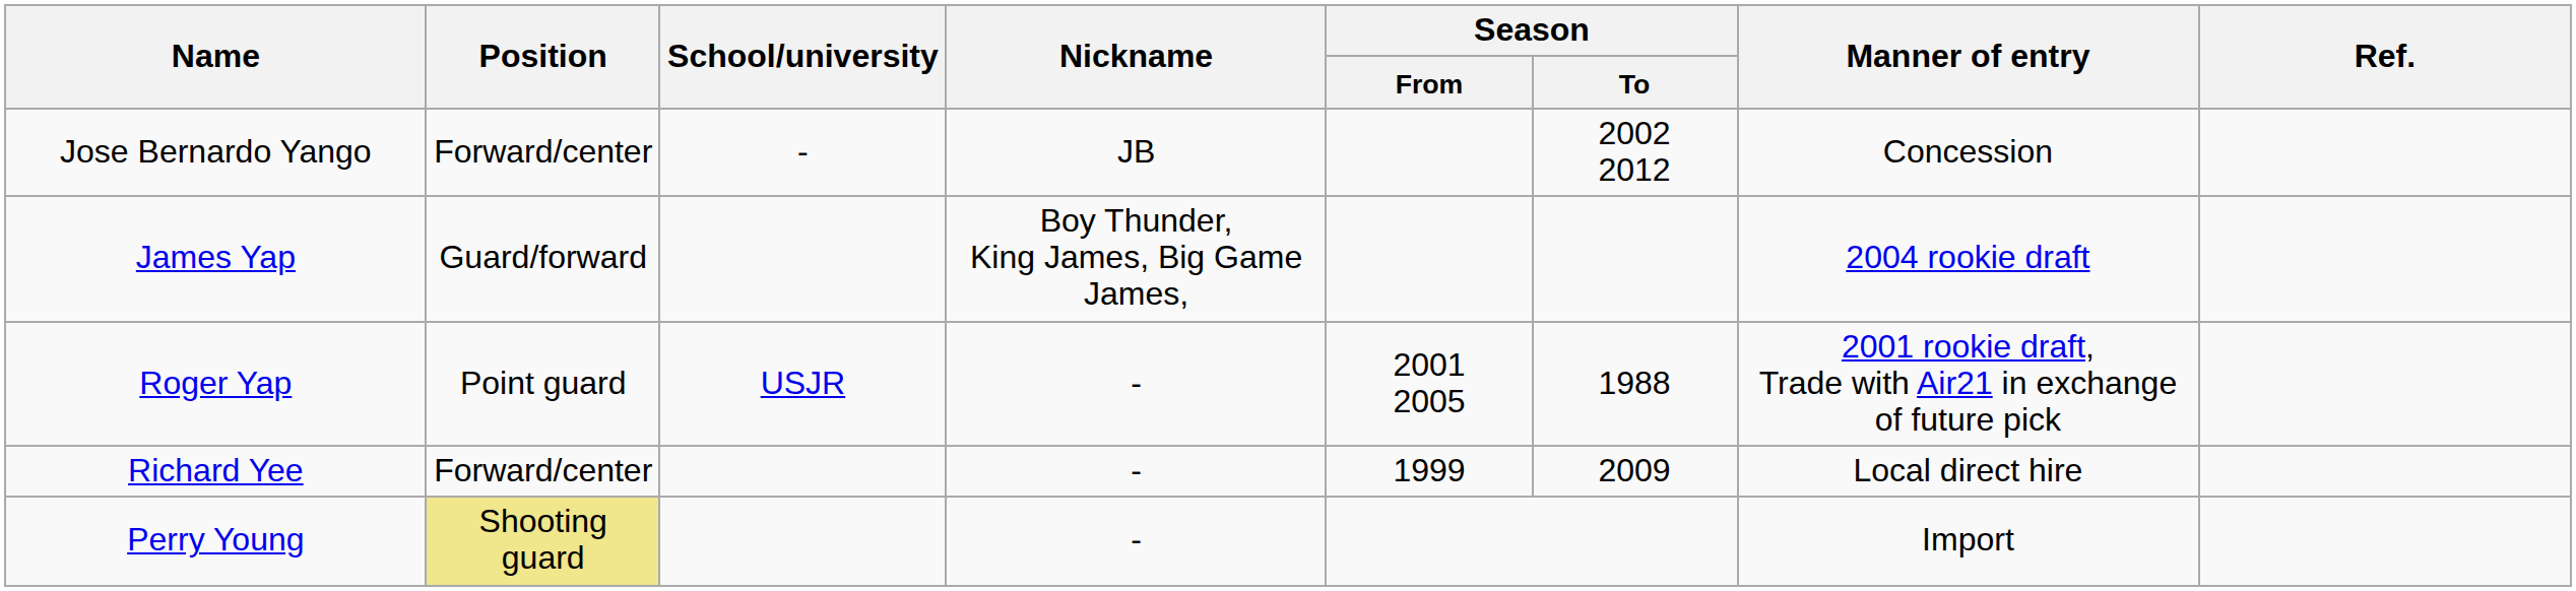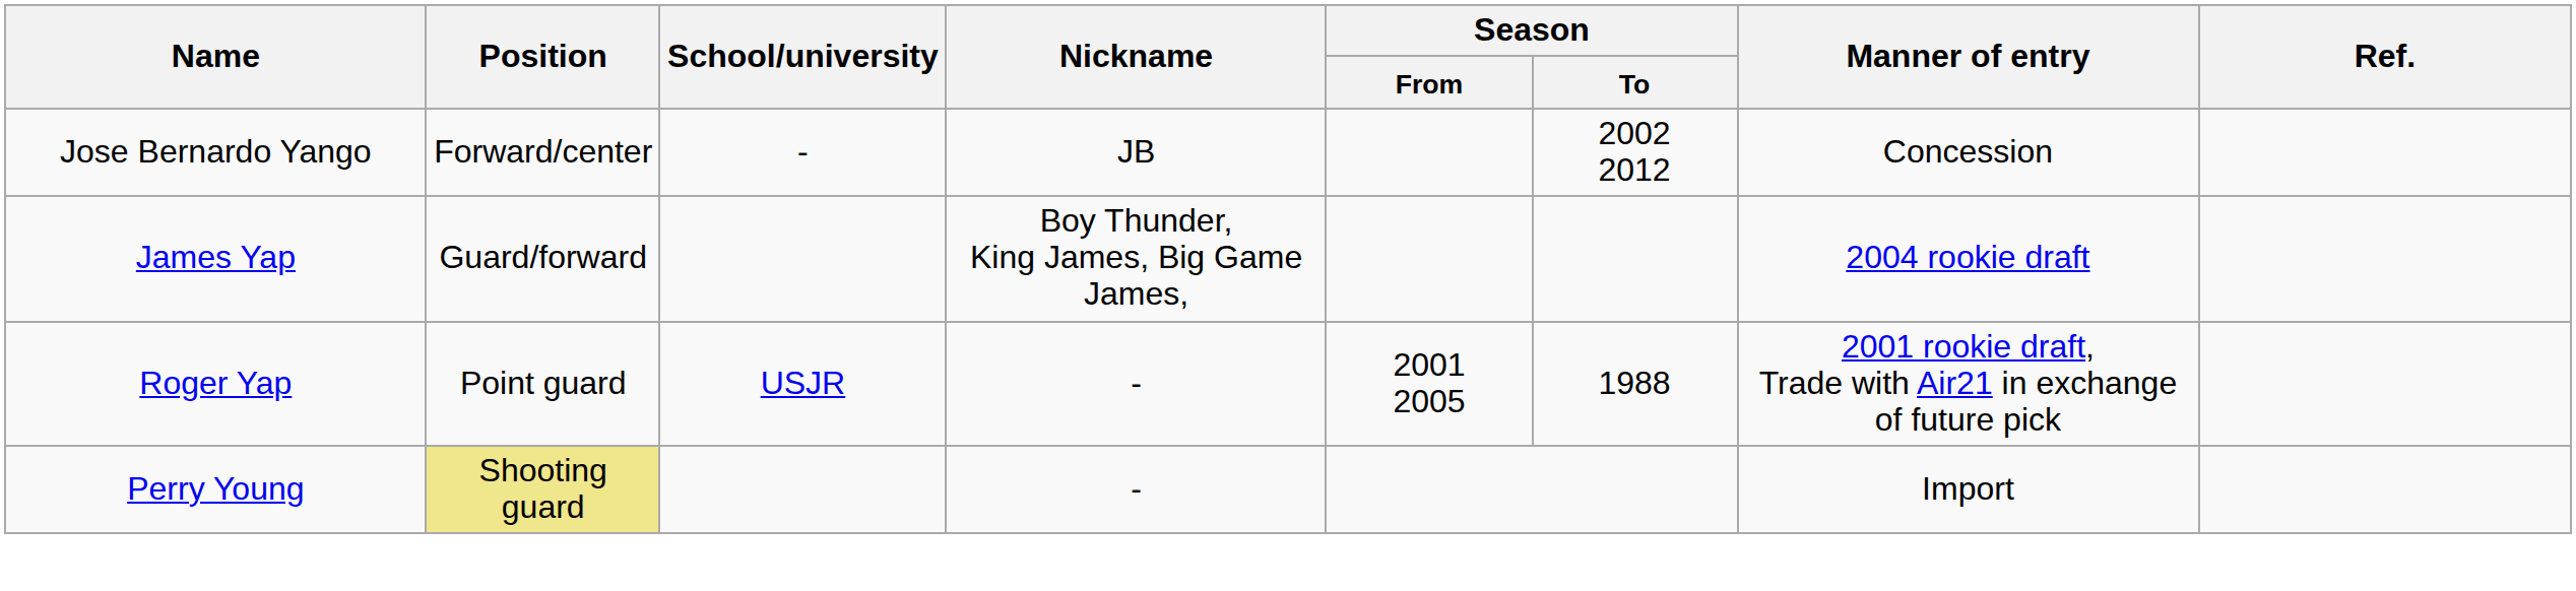 <table class="wikitable sortable" style="text-align:center" width="100%">
 <tr>
 <th style="width:200px;" rowspan="2">Name</th>
 <th style="width:80px;" rowspan="2">Position</th>
 <th style="width:130px;" rowspan="2">School/university</th>
 <th style="width:180px;" rowspan="2">Nickname</th>
 <th style="width:130px; text-align:center;" colspan="2">Season</th>
 <th style="width:220px; text-align:center;" rowspan="2">Manner of entry</th>
 <th rowspan="2" class=unsortable>Ref.</th>
 </tr>
 <tr>
 <th style="width:8%; text-align:center;"><small>From</small></th>
 <th style="width:8%; text-align:center;"><small>To</small></th>
 </tr>
 <tr>
 <td>Jose Bernardo Yango</td>
 <td>Forward/center</td>
 <td>-</td>
 <td>JB</td>
 <td></td>
 <td>2002<br>2012</td>
 <td>Concession</td>
 <td></td>
 </tr>
 <tr>
 <td><a href='#'>James Yap</a></td>
 <td>Guard/forward</td>
 <td></td>
 <td>Boy Thunder,<br>King James,  Big Game James,</td>
 <td></td>
 <td></td>
 <td><a href='#'>2004 rookie draft</a></td>
 <td></td>
 </tr>
 <tr>
 <td><a href='#'>Roger Yap</a></td>
 <td>Point guard</td>
 <td><a href='#'>USJR</a></td>
 <td>-</td>
 <td>2001<br>2005</td>
 <td>1988</td>
 <td><a href='#'>2001 rookie draft</a>,<br>Trade with <a href='#'>Air21</a> in exchange of future pick</td>
 <td></td>
 </tr>
 <tr>
-<td><a href='#'>Richard Yee</a></td>
-<td>Forward/center</td>
-<td></td>
-<td>-</td>
-<td>1999</td>
-<td>2009</td>
-<td>Local direct hire</td>
-<td></td>
-</tr>
-<tr>
 <td><a href='#'>Perry Young</a></td>
 <td style="background: khaki;">Shooting guard</td>
 <td></td>
 <td>-</td>
 <td colspan="2"></td>
 <td>Import</td>
 <td></td>
 </tr>
 <tr>
 </tr>
 </table>
